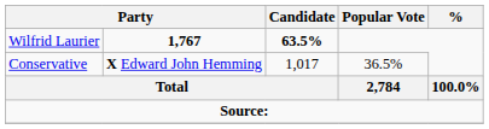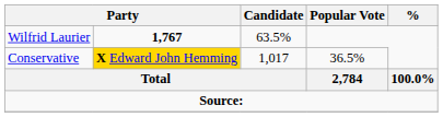 <table class="wikitable">
 <tr>
 <th colspan="2">Party</th>
 <th>Candidate</th>
 <th>Popular Vote</th>
 <th>%</th>
 </tr>
 <tr>
 <td> <a href='#'>Wilfrid Laurier</a></td>
 <td align=center><strong>1,767</strong></td>
-<td align=center><strong>63.5%</strong></td>
+<td align=center>63.5%</td>
 </tr>
 <tr>
 <td><a href='#'>Conservative</a></td>
-<td><strong>X</strong> <a href='#'>Edward John Hemming</a></td>
+<td style="background: gold;"><strong>X</strong> <a href='#'>Edward John Hemming</a></td>
 <td align=center>1,017</td>
 <td align=center>36.5%</td>
 </tr>
 <tr>
 <th colspan=3>Total</th>
 <th>2,784</th>
 <th>100.0%</th>
 </tr>
 <tr>
 <td align="center" colspan=5><strong>Source:</strong>  </td>
 </tr>
 <tr>
 </tr>
 </table>
